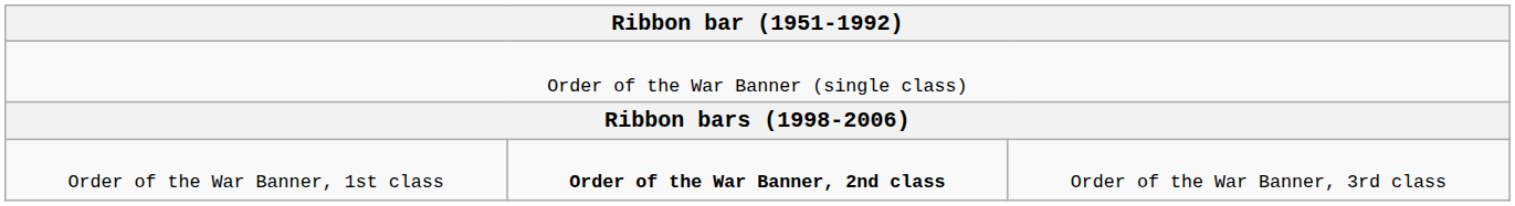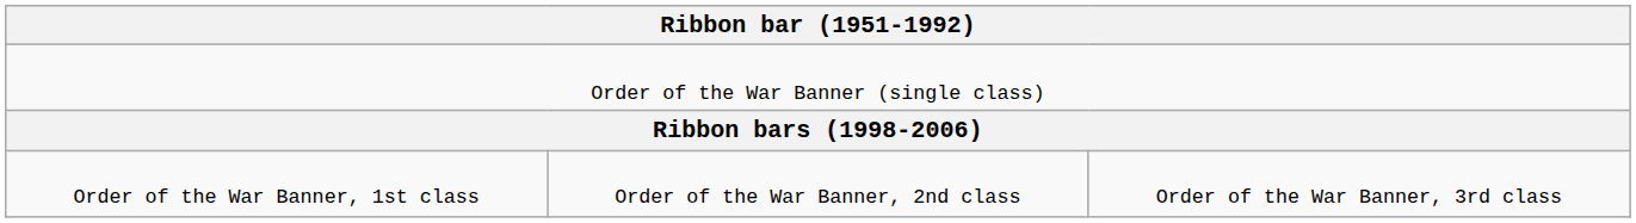 <table class="wikitable" width="70%" align="center">
 <tr>
 <th colspan="3">Ribbon bar (1951-1992)</th>
 </tr>
 <tr>
 <td colspan="3" align="center" valign="center" width="20%"><br><small>Order of the War Banner (single class)</small></td>
 </tr>
 <tr>
 <th colspan="3">Ribbon bars (1998-2006)</th>
 </tr>
 <tr>
 <td align="center" valign="center"><br><small>Order of the War Banner, 1st class</small></td>
-<td align="center" valign="center"><strong><br><small>Order of the War Banner, 2nd class</small></strong></td>
+<td align="center" valign="center"><br><small>Order of the War Banner, 2nd class</small></td>
 <td align="center" valign="center"><br><small>Order of the War Banner, 3rd class</small></td>
 </tr>
 </table>
